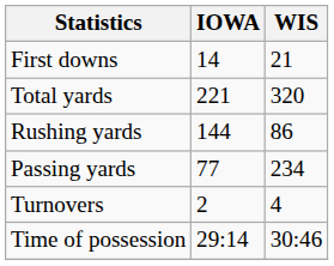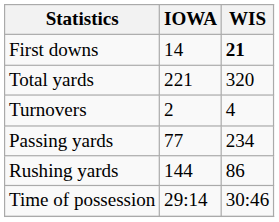 <table class="wikitable">
 <tr>
 <th>Statistics</th>
 <th>IOWA</th>
 <th>WIS</th>
 </tr>
 <tr>
 <td>First downs</td>
 <td>14</td>
-<td>21</td>
+<td><strong>21</strong></td>
 </tr>
 <tr>
 <td>Total yards</td>
 <td>221</td>
 <td>320</td>
 </tr>
 <tr>
-<td>Rushing yards</td>
-<td>144</td>
-<td>86</td>
+<td>Turnovers</td>
+<td>2</td>
+<td>4</td>
 </tr>
 <tr>
 <td>Passing yards</td>
 <td>77</td>
 <td>234</td>
 </tr>
 <tr>
-<td>Turnovers</td>
-<td>2</td>
-<td>4</td>
+<td>Rushing yards</td>
+<td>144</td>
+<td>86</td>
 </tr>
 <tr>
 <td>Time of possession</td>
 <td>29:14</td>
 <td>30:46</td>
 </tr>
 <tr>
 </tr>
 </table>
